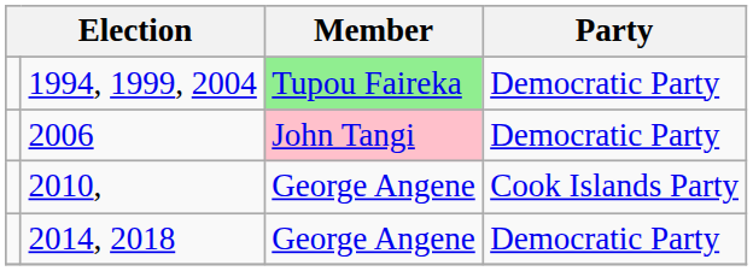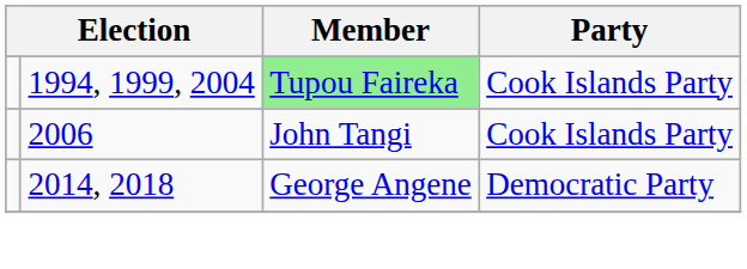 <table class="wikitable">
 <tr>
 <th colspan="2">Election</th>
 <th>Member</th>
 <th>Party</th>
 </tr>
 <tr>
 <td style="background-color: "></td>
 <td><a href='#'>1994</a>, <a href='#'>1999</a>, <a href='#'>2004</a></td>
 <td style="background: lightgreen;"><a href='#'>Tupou Faireka</a></td>
-<td><a href='#'>Democratic Party</a></td>
+<td><a href='#'>Cook Islands Party</a></td>
 </tr>
 <tr>
 <td style="background-color: "></td>
 <td><a href='#'>2006</a></td>
-<td style="background: pink;"><a href='#'>John Tangi</a></td>
-<td><a href='#'>Democratic Party</a></td>
-</tr>
-<tr>
-<td style="background-color: "></td>
-<td><a href='#'>2010</a>,</td>
-<td><a href='#'>George Angene</a></td>
+<td><a href='#'>John Tangi</a></td>
 <td><a href='#'>Cook Islands Party</a></td>
 </tr>
 <tr>
 <td style="background-color: "></td>
 <td><a href='#'>2014</a>, <a href='#'>2018</a></td>
 <td><a href='#'>George Angene</a></td>
 <td><a href='#'>Democratic Party</a></td>
 </tr>
 <tr>
 </tr>
 </table>
